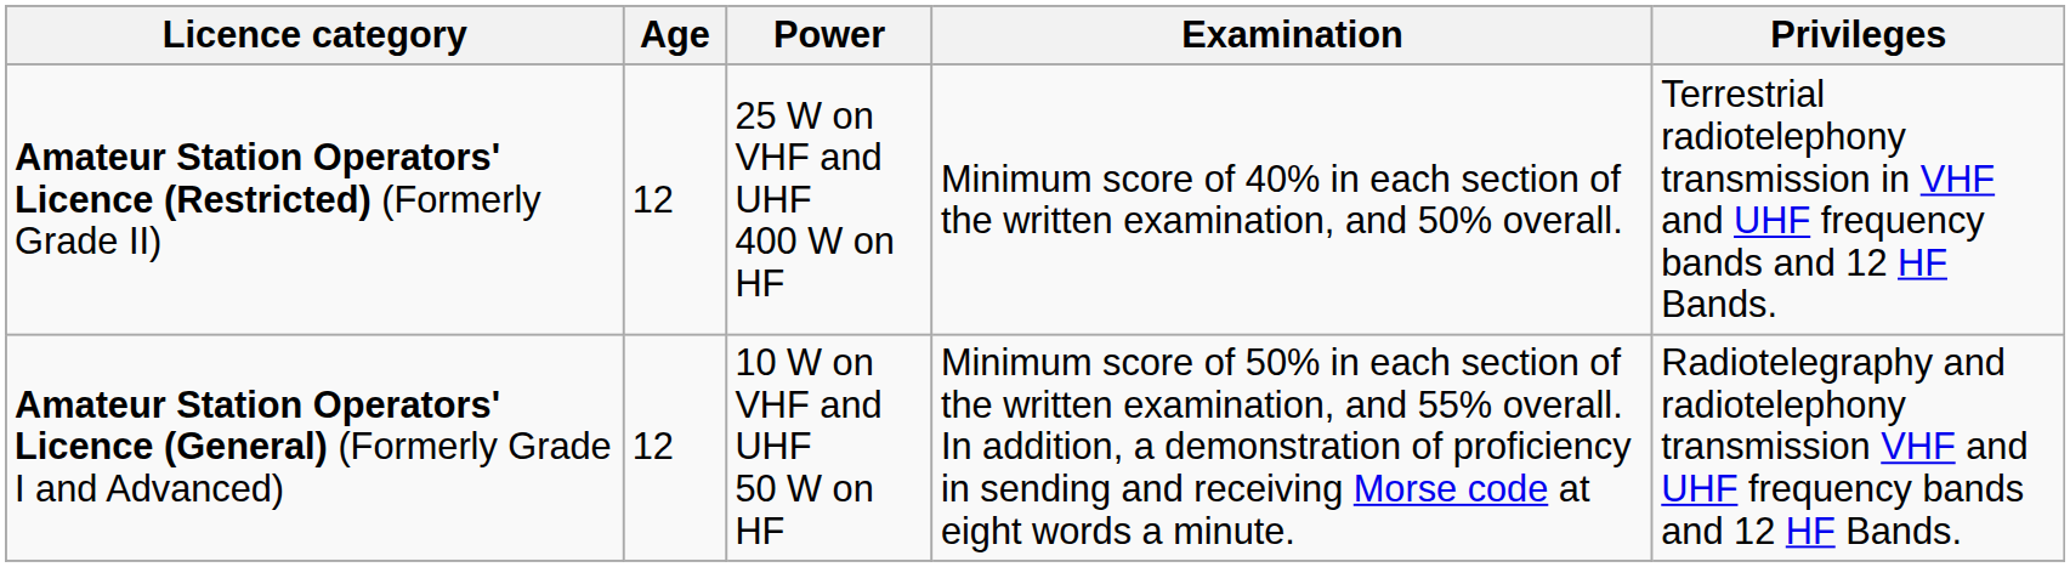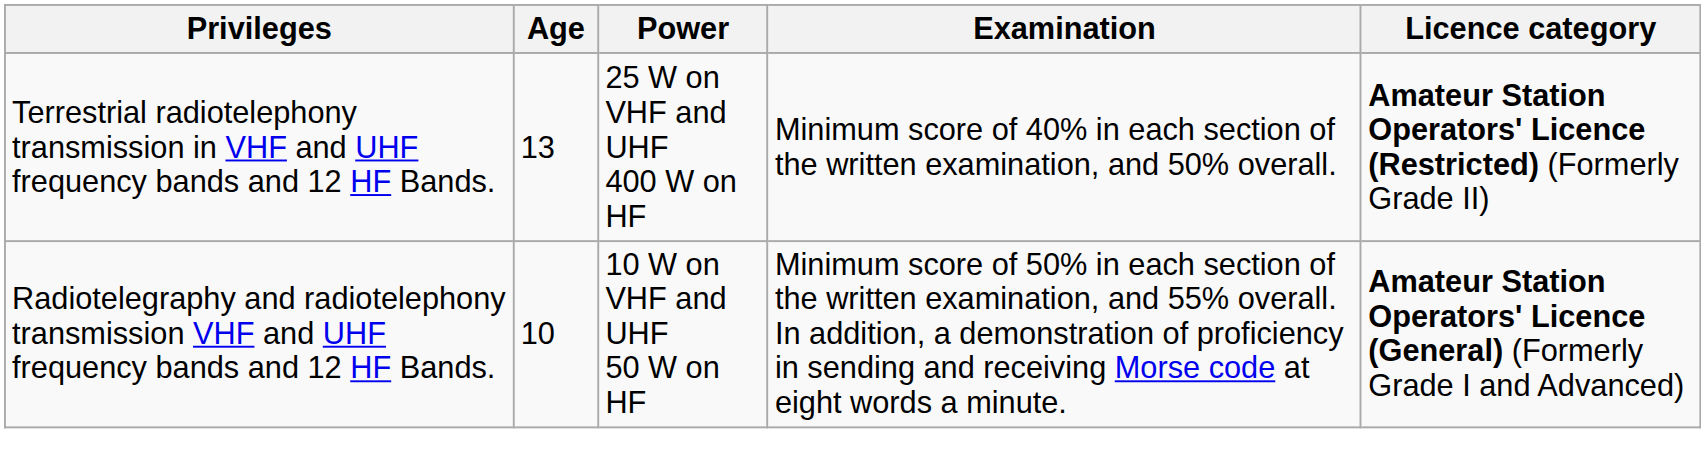 <table class="wikitable" width="100%">
 <tr>
-<th width="30%">Licence category</th>
+<th width="30%">Privileges</th>
 <th width="5%">Age</th>
 <th width="10%">Power</th>
 <th width="35%">Examination</th>
-<th width="30%">Privileges</th>
+<th width="30%">Licence category</th>
 </tr>
 <tr>
-<td><strong>Amateur Station Operators' Licence (Restricted)</strong> (Formerly Grade II)</td>
-<td>12</td>
+<td>Terrestrial radiotelephony transmission in <a href='#'>VHF</a> and <a href='#'>UHF</a> frequency bands and 12 <a href='#'>HF</a> Bands.</td>
+<td>13</td>
 <td>25 W on VHF and UHF<br>400 W on HF</td>
 <td>Minimum score of 40% in each section of the written examination, and 50% overall.</td>
-<td>Terrestrial radiotelephony transmission in <a href='#'>VHF</a> and <a href='#'>UHF</a> frequency bands and 12 <a href='#'>HF</a> Bands.</td>
+<td><strong>Amateur Station Operators' Licence (Restricted)</strong> (Formerly Grade II)</td>
 </tr>
 <tr>
-<td><strong>Amateur Station Operators' Licence (General)</strong> (Formerly Grade I and Advanced)</td>
-<td>12</td>
+<td>Radiotelegraphy and radiotelephony transmission <a href='#'>VHF</a> and <a href='#'>UHF</a> frequency bands and 12 <a href='#'>HF</a> Bands.</td>
+<td>10</td>
 <td>10 W on VHF and UHF<br>50 W on HF</td>
 <td>Minimum score of 50% in each section of the written examination, and 55% overall. In addition, a demonstration of proficiency in sending and receiving <a href='#'>Morse code</a> at eight words a minute.</td>
-<td>Radiotelegraphy and radiotelephony transmission <a href='#'>VHF</a> and <a href='#'>UHF</a> frequency bands and 12 <a href='#'>HF</a> Bands.</td>
+<td><strong>Amateur Station Operators' Licence (General)</strong> (Formerly Grade I and Advanced)</td>
 </tr>
 </table>
